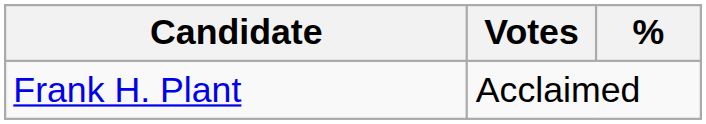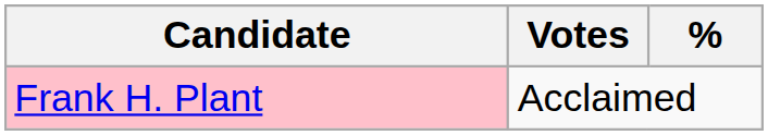 <table class="wikitable">
 <tr>
 <th style="width: 200px">Candidate</th>
 <th style="width: 50px">Votes</th>
 <th style="width: 40px">%</th>
 </tr>
 <tr>
-<td><a href='#'>Frank H. Plant</a></td>
+<td style="background: pink;"><a href='#'>Frank H. Plant</a></td>
 <td colspan="2">Acclaimed</td>
 </tr>
 </table>
